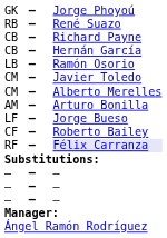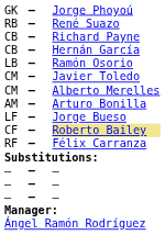 <table style = "font-size: 90%" cellspacing = "0" cellpadding = "0">
 <tr>
 <td colspan = 4></td>
 </tr>
 <tr>
 <th width = "25"></th>
 <th width = "25"></th>
 </tr>
 <tr>
 <td>GK</td>
 <td><strong>–</strong></td>
 <td> <a href='#'>Jorge Phoyoú</a></td>
 </tr>
 <tr>
 <td>RB</td>
 <td><strong>–</strong></td>
 <td> <a href='#'>René Suazo</a></td>
 </tr>
 <tr>
 <td>CB</td>
 <td><strong>–</strong></td>
 <td> <a href='#'>Richard Payne</a></td>
 </tr>
 <tr>
 <td>CB</td>
 <td><strong>–</strong></td>
 <td> <a href='#'>Hernán García</a></td>
 </tr>
 <tr>
 <td>LB</td>
 <td><strong>–</strong></td>
 <td> <a href='#'>Ramón Osorio</a></td>
 </tr>
 <tr>
 <td>CM</td>
 <td><strong>–</strong></td>
 <td> <a href='#'>Javier Toledo</a></td>
 </tr>
 <tr>
 <td>CM</td>
 <td><strong>–</strong></td>
 <td> <a href='#'>Alberto Merelles</a></td>
 </tr>
 <tr>
 <td>AM</td>
 <td><strong>–</strong></td>
 <td> <a href='#'>Arturo Bonilla</a></td>
 </tr>
 <tr>
 <td>LF</td>
 <td><strong>–</strong></td>
 <td> <a href='#'>Jorge Bueso</a></td>
 </tr>
 <tr>
 <td>CF</td>
 <td><strong>–</strong></td>
-<td> <a href='#'>Roberto Bailey</a></td>
+<td style="background: khaki;"> <a href='#'>Roberto Bailey</a></td>
 </tr>
 <tr>
 <td>RF</td>
 <td><strong>–</strong></td>
-<td style="background: lavender;"> <a href='#'>Félix Carranza</a></td>
+<td> <a href='#'>Félix Carranza</a></td>
 </tr>
 <tr>
 <td colspan = 3><strong>Substitutions:</strong></td>
 </tr>
 <tr>
 <td>–</td>
 <td><strong>–</strong></td>
 <td> –</td>
 </tr>
 <tr>
 <td>–</td>
 <td><strong>–</strong></td>
 <td> –</td>
 </tr>
 <tr>
 <td>–</td>
 <td><strong>–</strong></td>
 <td> –</td>
 </tr>
 <tr>
 <td colspan = 3><strong>Manager:</strong></td>
 </tr>
 <tr>
 <td colspan = 3> <a href='#'>Ángel Ramón Rodríguez</a></td>
 </tr>
 </table>
